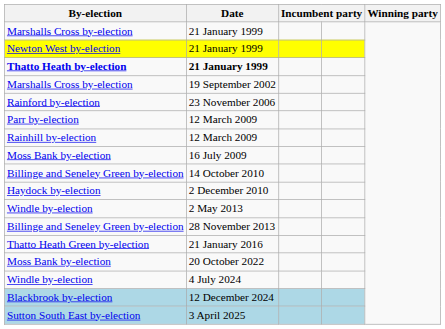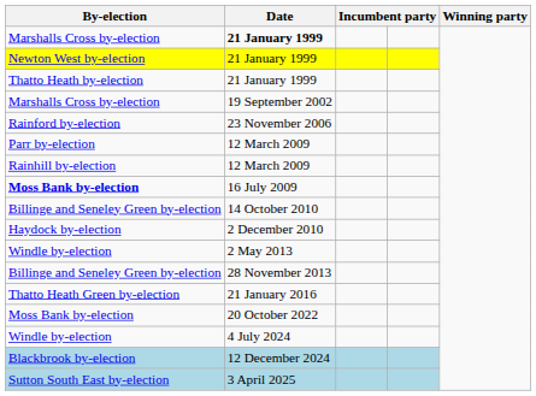 <table class="wikitable">
 <tr>
 <th>By-election</th>
 <th>Date</th>
 <th colspan=2>Incumbent party</th>
 <th colspan=2>Winning party</th>
 </tr>
 <tr bgcolor=>
 <td><a href='#'>Marshalls Cross by-election</a></td>
-<td>21 January 1999</td>
+<td><strong>21 January 1999</strong></td>
 <td></td>
 <td></td>
 </tr>
 <tr bgcolor=yellow>
 <td><a href='#'>Newton West by-election</a></td>
 <td>21 January 1999</td>
 <td></td>
 <td></td>
 </tr>
 <tr bgcolor=>
-<td><strong><a href='#'>Thatto Heath by-election</a></strong></td>
-<td><strong>21 January 1999</strong></td>
+<td><a href='#'>Thatto Heath by-election</a></td>
+<td>21 January 1999</td>
 <td></td>
 <td></td>
 </tr>
 <tr bgcolor=>
 <td><a href='#'>Marshalls Cross by-election</a></td>
 <td>19 September 2002</td>
 <td></td>
 <td></td>
 </tr>
 <tr bgcolor=>
 <td><a href='#'>Rainford by-election</a></td>
 <td>23 November 2006</td>
 <td></td>
 <td></td>
 </tr>
 <tr bgcolor=>
 <td><a href='#'>Parr by-election</a></td>
 <td>12 March 2009</td>
 <td></td>
 <td></td>
 </tr>
 <tr bgcolor=>
 <td><a href='#'>Rainhill by-election</a></td>
 <td>12 March 2009</td>
 <td></td>
 <td></td>
 </tr>
 <tr bgcolor=>
-<td><a href='#'>Moss Bank by-election</a></td>
+<td><strong><a href='#'>Moss Bank by-election</a></strong></td>
 <td>16 July 2009</td>
 <td></td>
 <td></td>
 </tr>
 <tr bgcolor=>
 <td><a href='#'>Billinge and Seneley Green by-election</a></td>
 <td>14 October 2010</td>
 <td></td>
 <td></td>
 </tr>
 <tr bgcolor=>
 <td><a href='#'>Haydock by-election</a></td>
 <td>2 December 2010</td>
 <td></td>
 <td></td>
 </tr>
 <tr bgcolor=>
 <td><a href='#'>Windle by-election</a></td>
 <td>2 May 2013</td>
 <td></td>
 <td></td>
 </tr>
 <tr bgcolor=>
 <td><a href='#'>Billinge and Seneley Green by-election</a></td>
 <td>28 November 2013</td>
 <td></td>
 <td></td>
 </tr>
 <tr bgcolor=>
 <td><a href='#'>Thatto Heath Green by-election</a></td>
 <td>21 January 2016</td>
 <td></td>
 <td></td>
 </tr>
 <tr bgcolor=>
 <td><a href='#'>Moss Bank by-election</a></td>
 <td>20 October 2022</td>
 <td></td>
 <td></td>
 </tr>
 <tr bgcolor=>
 <td><a href='#'>Windle by-election</a></td>
 <td>4 July 2024</td>
 <td></td>
 <td></td>
 </tr>
 <tr bgcolor=lightblue>
 <td><a href='#'>Blackbrook by-election</a></td>
 <td>12 December 2024</td>
 <td></td>
 <td></td>
 </tr>
 <tr bgcolor=lightblue>
 <td><a href='#'>Sutton South East by-election</a></td>
 <td>3 April 2025</td>
 <td></td>
 <td></td>
 </tr>
 </table>
